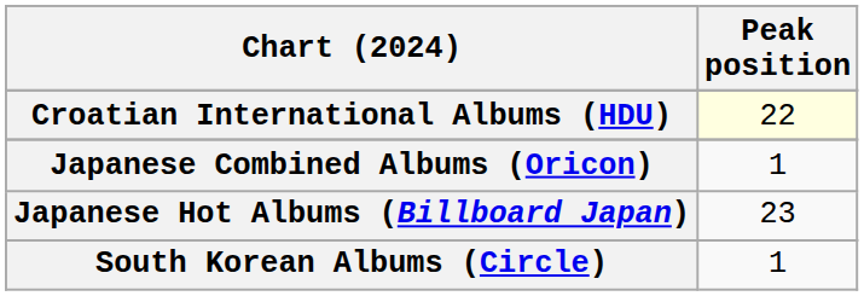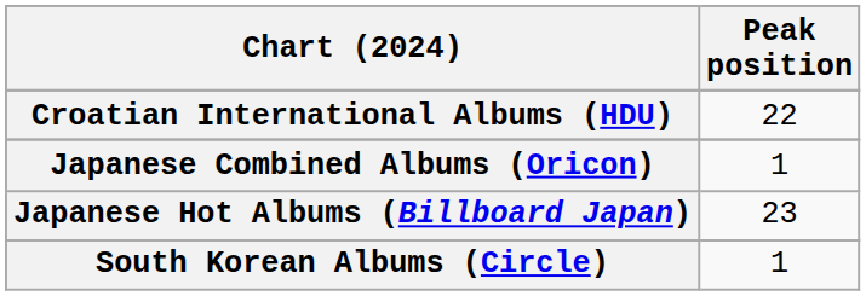 <table class="wikitable plainrowheaders sortable" style="text-align:center">
 <tr>
 <th scope="col">Chart (2024)</th>
 <th scope="col">Peak<br>position</th>
 </tr>
 <tr>
 </tr>
 <tr>
 <th scope="row">Croatian International Albums (<a href='#'>HDU</a>)</th>
-<td style="background: lightyellow;">22</td>
+<td>22</td>
 </tr>
 <tr>
 </tr>
 <tr>
 <th scope="row">Japanese Combined Albums (<a href='#'>Oricon</a>)</th>
 <td>1</td>
 </tr>
 <tr>
 <th scope="row">Japanese Hot Albums (<em><a href='#'>Billboard Japan</a></em>)</th>
 <td>23</td>
 </tr>
 <tr>
 </tr>
 <tr>
 <th scope="row">South Korean Albums (<a href='#'>Circle</a>)</th>
 <td>1</td>
 </tr>
 </table>
